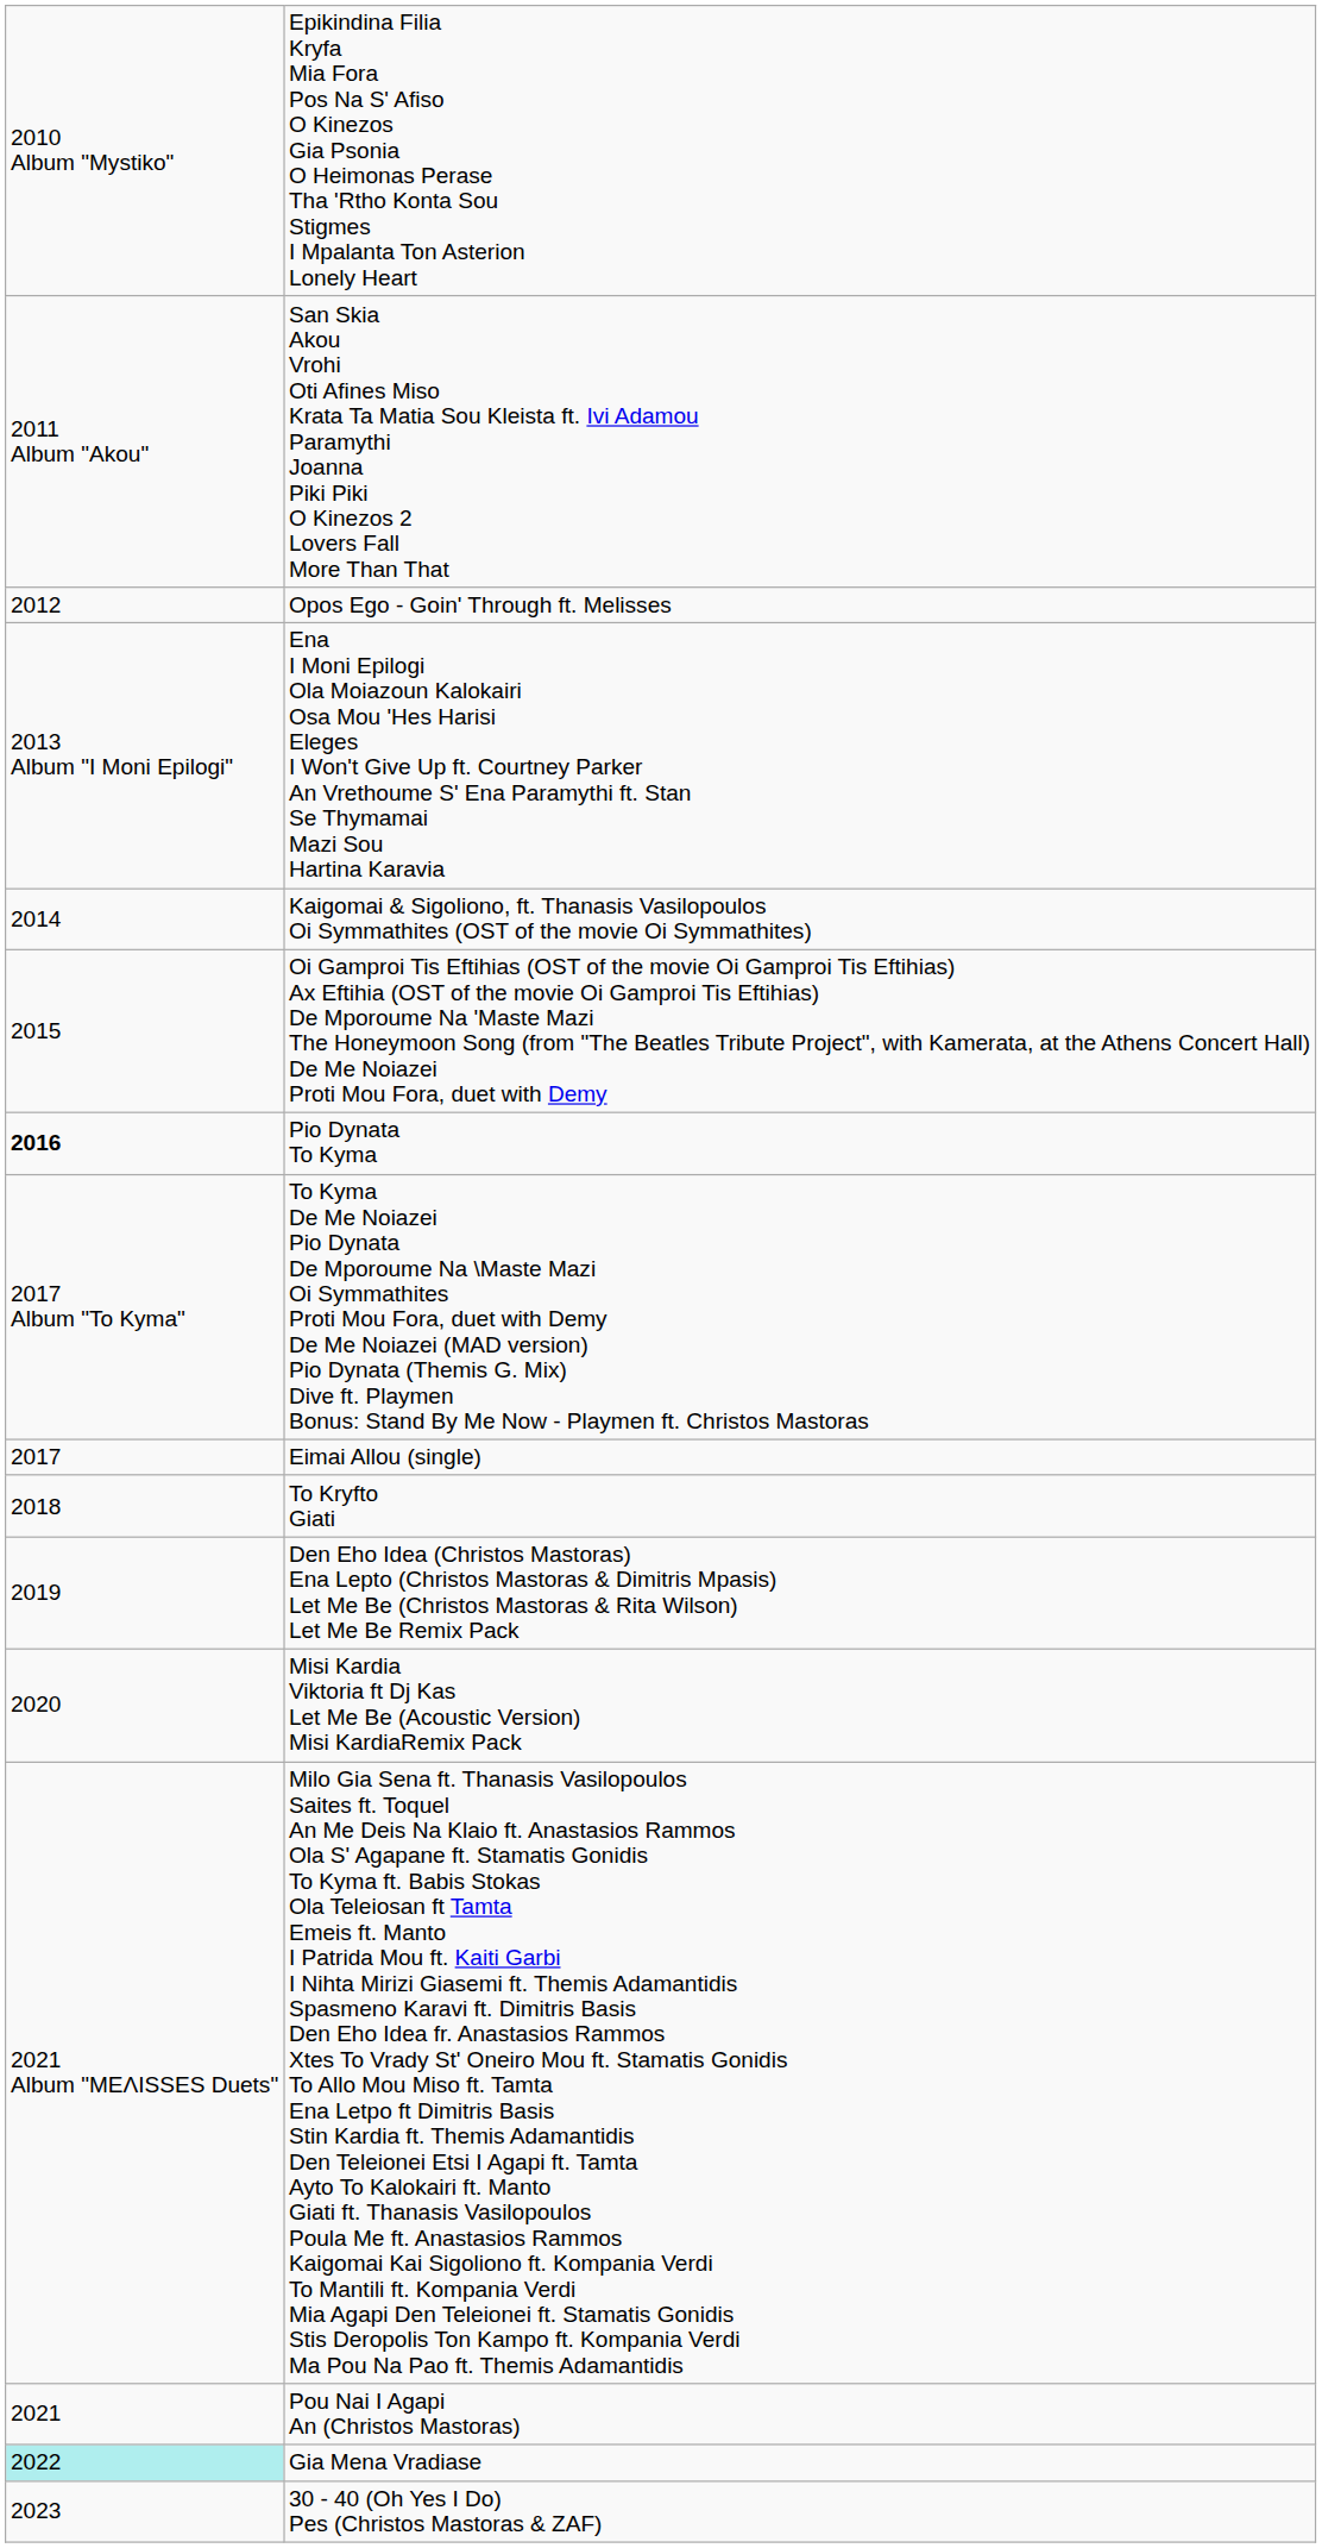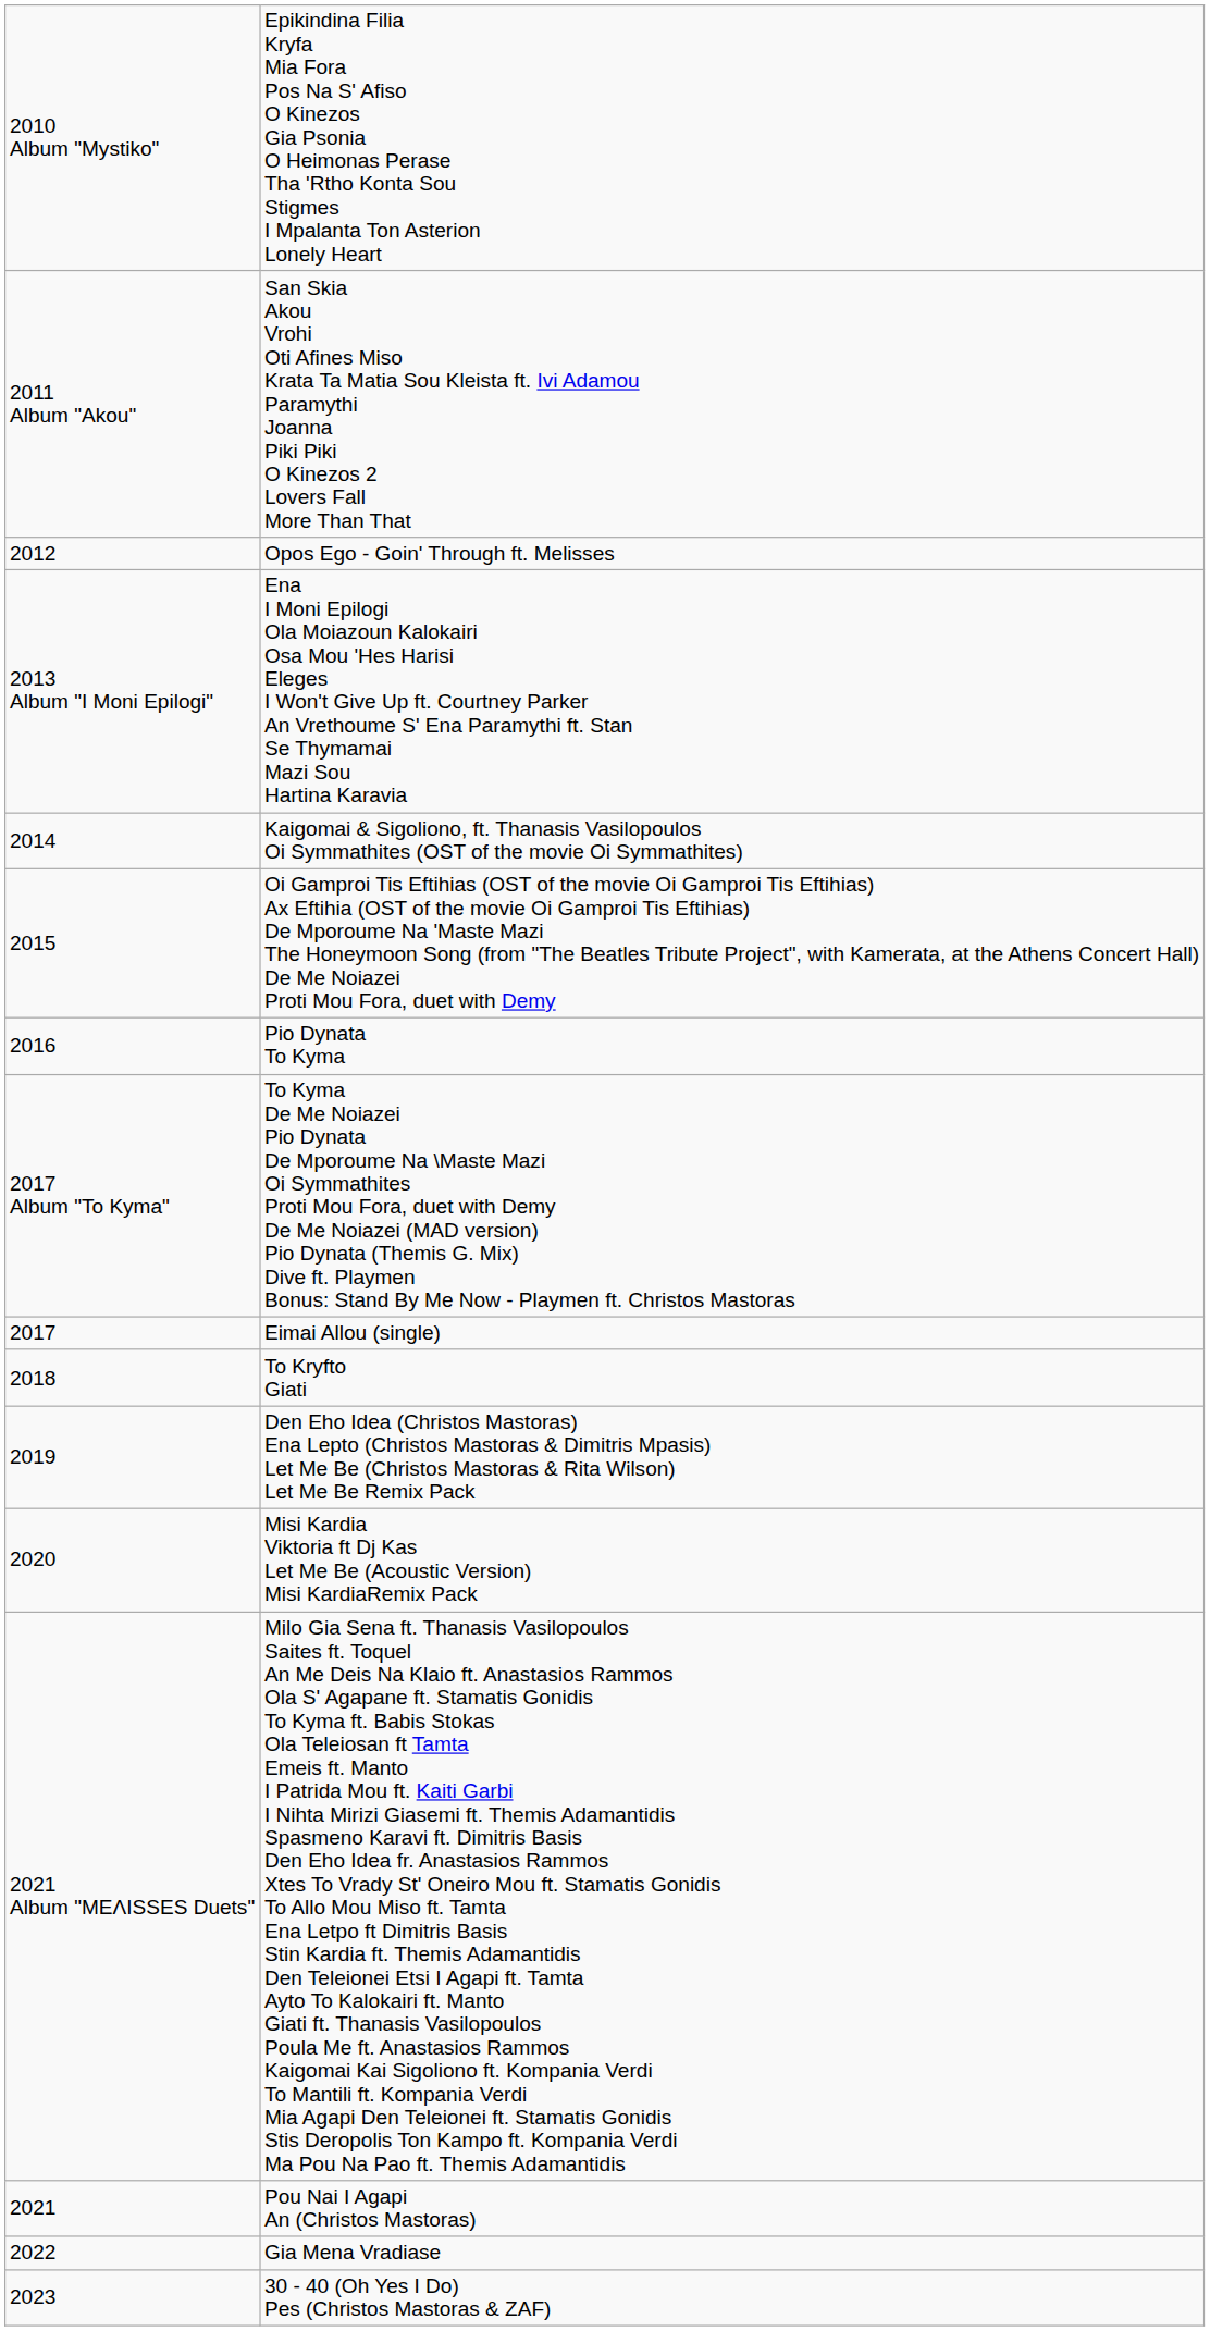 <table class="wikitable">
 <tr>
 <td>2010<br>Album "Mystiko"</td>
 <td>Epikindina Filia<br>Kryfa<br>Mia Fora<br>Pos Na S' Afiso<br>O Kinezos<br>Gia Psonia<br>O Heimonas Perase<br>Tha 'Rtho Konta Sou<br>Stigmes<br>I Mpalanta Ton Asterion<br>Lonely Heart</td>
 </tr>
 <tr>
 <td>2011<br>Album "Akou"</td>
 <td>San Skia<br>Akou<br>Vrohi<br>Oti Afines Miso<br>Krata Ta Matia Sou Kleista ft. <a href='#'>Ivi Adamou</a><br>Paramythi<br>Joanna<br>Piki Piki<br>O Kinezos 2<br>Lovers Fall<br>More Than That</td>
 </tr>
 <tr>
 <td>2012</td>
 <td>Opos Ego - Goin' Through ft. Melisses</td>
 </tr>
 <tr>
 <td>2013<br>Album "I Moni Epilogi"</td>
 <td>Ena<br>I Moni Epilogi<br>Ola Moiazoun Kalokairi<br>Osa Mou 'Hes Harisi<br>Eleges<br>I Won't Give Up ft. Courtney Parker<br>An Vrethoume S' Ena Paramythi ft. Stan<br>Se Thymamai<br>Mazi Sou<br>Hartina Karavia</td>
 </tr>
 <tr>
 <td>2014</td>
 <td>Kaigomai & Sigoliono, ft. Thanasis Vasilopoulos<br>Oi Symmathites (OST of the movie Oi Symmathites)</td>
 </tr>
 <tr>
 <td>2015</td>
 <td>Oi Gamproi Tis Eftihias (OST of the movie Oi Gamproi Tis Eftihias)<br>Ax Eftihia (OST of the movie Oi Gamproi Tis Eftihias)<br>De Mporoume Na 'Maste Mazi<br>The Honeymoon Song (from "The Βeatles Tribute Project", with Kamerata, at the Athens Concert Hall)<br>De Me Noiazei<br>Proti Mou Fora, duet with <a href='#'>Demy</a></td>
 </tr>
 <tr>
-<td><strong>2016</strong></td>
+<td>2016</td>
 <td>Pio Dynata<br>To Kyma</td>
 </tr>
 <tr>
 <td>2017<br>Album "To Kyma"</td>
 <td>To Kyma<br>De Me Noiazei<br>Pio Dynata<br>De Mporoume Na \Maste Mazi<br>Oi Symmathites<br>Proti Mou Fora, duet with Demy<br>De Me Noiazei (MAD version)<br>Pio Dynata (Themis G. Mix)<br>Dive ft. Playmen<br>Bonus: Stand By Me Now - Playmen ft. Christos Mastoras</td>
 </tr>
 <tr>
 <td>2017</td>
 <td>Eimai Allou (single)</td>
 </tr>
 <tr>
 <td>2018</td>
 <td>To Kryfto<br>Giati</td>
 </tr>
 <tr>
 <td>2019</td>
 <td>Den Eho Idea (Christos Mastoras)<br>Ena Lepto (Christos Mastoras & Dimitris Mpasis)<br>Let Me Be (Christos Mastoras & Rita Wilson)<br>Let Me Be Remix Pack</td>
 </tr>
 <tr>
 <td>2020</td>
 <td>Misi Kardia<br>Viktoria ft Dj Kas<br>Let Me Be (Acoustic Version)<br>Misi KardiaRemix Pack</td>
 </tr>
 <tr>
 <td>2021<br>Album "ΜEΛΙSSES Duets"</td>
 <td>Milo Gia Sena ft. Thanasis Vasilopoulos<br>Saites ft. Toquel<br>An Me Deis Na Klaio ft. Anastasios Rammos<br>Ola S' Agapane ft. Stamatis Gonidis<br>To Kyma ft. Babis Stokas<br>Ola Teleiosan ft <a href='#'>Tamta</a><br>Emeis ft. Manto<br>I Patrida Mou ft. <a href='#'>Kaiti Garbi</a><br>I Nihta Mirizi Giasemi ft. Themis Adamantidis<br>Spasmeno Karavi ft. Dimitris Basis<br>Den Eho Idea fr. Anastasios Rammos<br>Xtes To Vrady St' Oneiro Mou ft. Stamatis Gonidis<br>To Allo Mou Miso ft. Tamta<br>Ena Letpo ft Dimitris Basis<br>Stin Kardia ft. Themis Adamantidis<br>Den Teleionei Etsi I Agapi ft. Tamta<br>Ayto To Kalokairi ft. Manto<br>Giati ft. Thanasis Vasilopoulos<br>Poula Me ft. Anastasios Rammos<br>Kaigomai Kai Sigoliono ft. Kompania Verdi<br>To Mantili ft. Kompania Verdi<br>Mia Agapi Den Teleionei ft. Stamatis Gonidis<br>Stis Deropolis Ton Kampo ft. Kompania Verdi<br>Ma Pou Na Pao ft. Themis Adamantidis</td>
 </tr>
 <tr>
 <td>2021</td>
 <td>Pou Nai I Agapi<br>An (Christos Mastoras)</td>
 </tr>
 <tr>
-<td style="background: paleturquoise;">2022</td>
+<td>2022</td>
 <td>Gia Mena Vradiase</td>
 </tr>
 <tr>
 <td>2023</td>
 <td>30 - 40 (Oh Yes I Do)<br>Pes (Christos Mastoras & ZAF)</td>
 </tr>
 </table>
